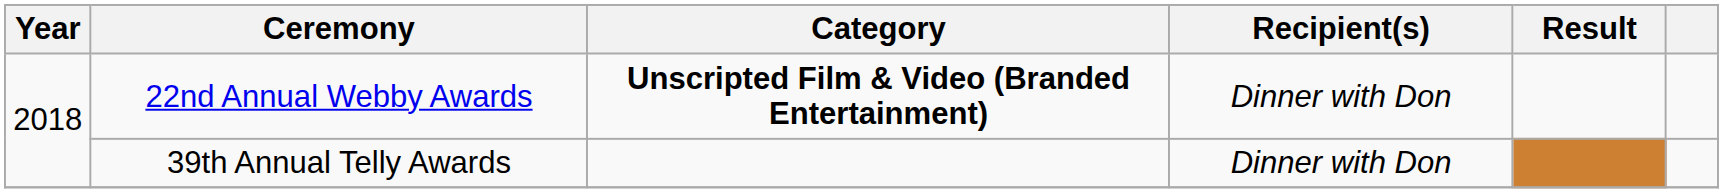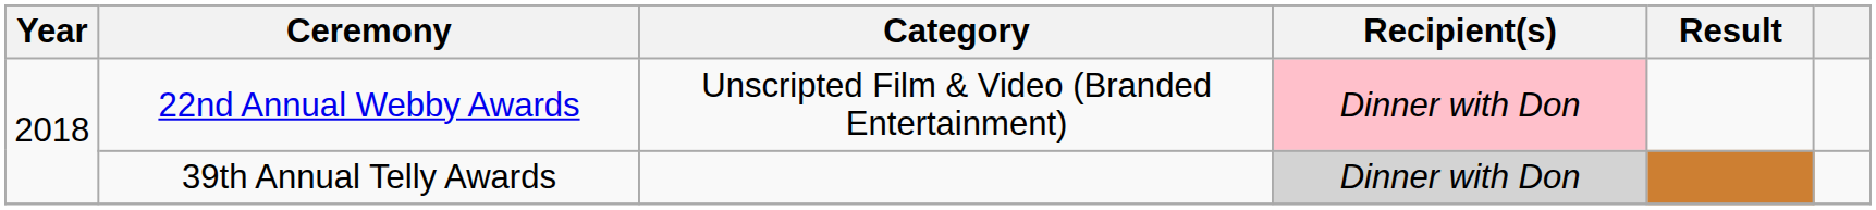 <table class="wikitable sortable plainrowheaders" style="width:100%;">
 <tr>
 <th scope="col" width="5%">Year</th>
 <th scope="col" width="29%">Ceremony</th>
 <th scope="col" width="34%">Category</th>
 <th scope="col" width="20%">Recipient(s)</th>
 <th scope="col" width="9%">Result</th>
 <th scope="col" width="3%" class="unsortable"></th>
 </tr>
 <tr>
 <td rowspan="2" align="center">2018</td>
 <td align="center"><a href='#'>22nd Annual Webby Awards</a></td>
-<td align="center"><strong>Unscripted Film & Video (Branded Entertainment)</strong></td>
-<td align="center"><em>Dinner with Don</em></td>
+<td align="center">Unscripted Film & Video (Branded Entertainment)</td>
+<td align="center" style="background: pink;"><em>Dinner with Don</em></td>
 <td></td>
 <td align="center"></td>
 </tr>
 <tr>
 <td align="center">39th Annual Telly Awards</td>
 <td align="center"></td>
-<td align="center"><em>Dinner with Don</em></td>
+<td align="center" style="background: lightgrey;"><em>Dinner with Don</em></td>
 <td align="center" bgcolor="#CD7F32"></td>
 <td align="center"></td>
 </tr>
 <tr>
 </tr>
 </table>
